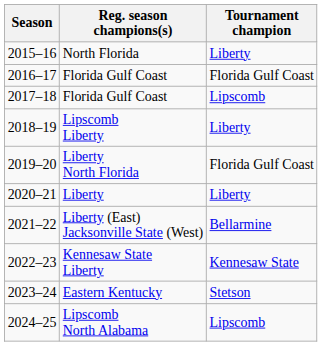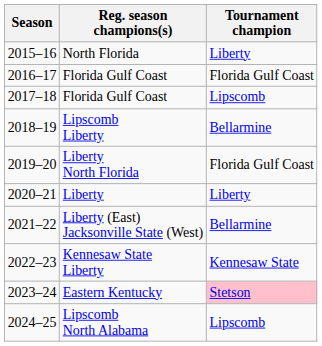 <table class="wikitable sortable">
 <tr>
 <th width=px>Season</th>
 <th width=px>Reg. season<br>champions(s)</th>
 <th width=px>Tournament<br>champion</th>
 </tr>
 <tr>
 <td>2015–16</td>
 <td>North Florida</td>
 <td><a href='#'>Liberty</a></td>
 </tr>
 <tr>
 <td>2016–17</td>
 <td>Florida Gulf Coast</td>
 <td>Florida Gulf Coast</td>
 </tr>
 <tr>
 <td>2017–18</td>
 <td>Florida Gulf Coast</td>
 <td><a href='#'>Lipscomb</a></td>
 </tr>
 <tr>
 <td>2018–19</td>
 <td><a href='#'>Lipscomb</a><br><a href='#'>Liberty</a></td>
-<td><a href='#'>Liberty</a></td>
+<td><a href='#'>Bellarmine</a></td>
 </tr>
 <tr>
 <td>2019–20</td>
 <td><a href='#'>Liberty</a><br><a href='#'>North Florida</a></td>
 <td>Florida Gulf Coast</td>
 </tr>
 <tr>
 <td>2020–21</td>
 <td><a href='#'>Liberty</a></td>
 <td><a href='#'>Liberty</a></td>
 </tr>
 <tr>
 <td>2021–22</td>
 <td><a href='#'>Liberty</a> (East)<br><a href='#'>Jacksonville State</a> (West)</td>
 <td><a href='#'>Bellarmine</a></td>
 </tr>
 <tr>
 <td>2022–23</td>
 <td><a href='#'>Kennesaw State</a><br><a href='#'>Liberty</a></td>
 <td><a href='#'>Kennesaw State</a></td>
 </tr>
 <tr>
 <td>2023–24</td>
 <td><a href='#'>Eastern Kentucky</a></td>
-<td><a href='#'>Stetson</a></td>
+<td style="background: pink;"><a href='#'>Stetson</a></td>
 </tr>
 <tr>
 <td>2024–25</td>
 <td><a href='#'>Lipscomb</a><br><a href='#'>North Alabama</a></td>
 <td><a href='#'>Lipscomb</a></td>
 </tr>
 </table>
